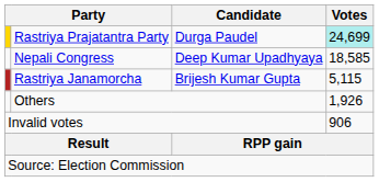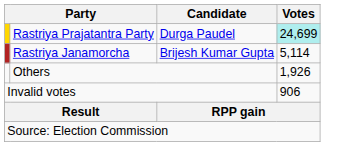 <table class="wikitable">
 <tr>
 <th colspan="2">Party</th>
 <th>Candidate</th>
 <th>Votes</th>
 </tr>
 <tr>
 <td style="background-color:gold"></td>
 <td><a href='#'>Rastriya Prajatantra Party</a></td>
 <td><a href='#'>Durga Paudel</a></td>
 <td style="background: paleturquoise;">24,699</td>
 </tr>
 <tr>
-<td style="background-color:"></td>
-<td><a href='#'>Nepali Congress</a></td>
-<td><a href='#'>Deep Kumar Upadhyaya</a></td>
-<td>18,585</td>
-</tr>
-<tr>
 <td style="background-color:firebrick"></td>
 <td><a href='#'>Rastriya Janamorcha</a></td>
 <td><a href='#'>Brijesh Kumar Gupta</a></td>
-<td>5,115</td>
+<td>5,114</td>
 </tr>
 <tr>
 <td></td>
 <td colspan="2">Others</td>
 <td>1,926</td>
 </tr>
 <tr>
 <td colspan="3">Invalid votes</td>
 <td>906</td>
 </tr>
 <tr>
 <th colspan="2">Result</th>
 <th colspan="2">RPP gain</th>
 </tr>
 <tr>
 <td colspan="4">Source: Election Commission</td>
 </tr>
 </table>
